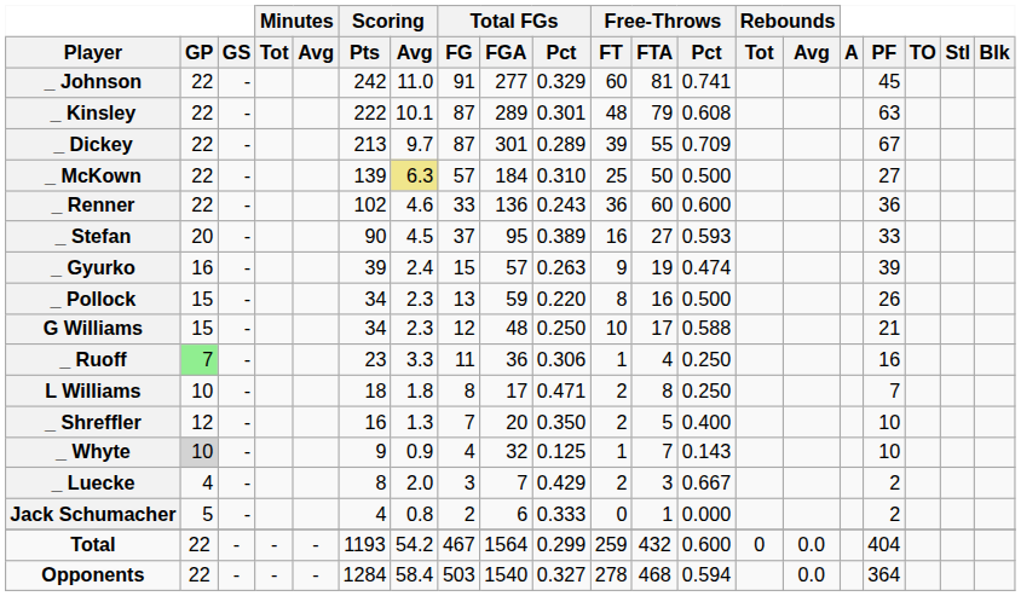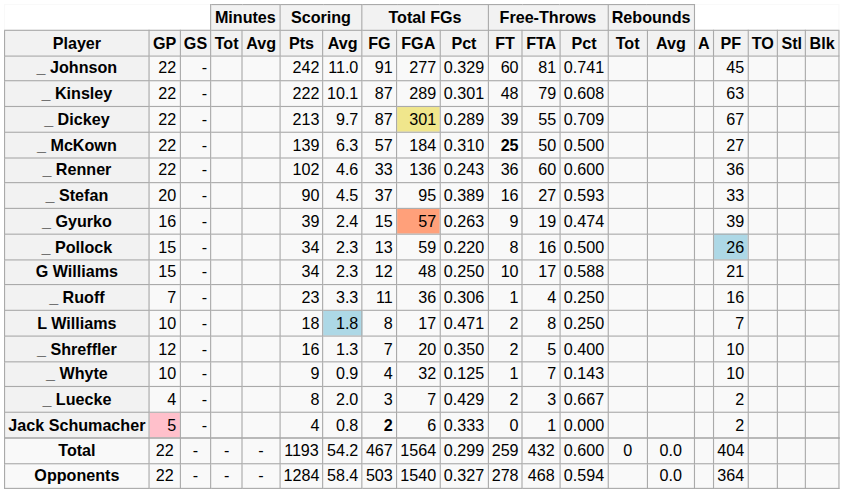 <table class="wikitable sortable" border="1" style="font-size:90%;">
 <tr>
 <th colspan="3" style="border-top-style:hidden; border-left-style:hidden; background: white;"></th>
 <th colspan="2" style=>Minutes</th>
 <th colspan="2" style=>Scoring</th>
 <th colspan="3" style=>Total FGs</th>
 <th colspan="3" style=>Free-Throws</th>
 <th colspan="2" style=>Rebounds</th>
 <th colspan="5" style="border-top-style:hidden; border-right-style:hidden; background: white;"></th>
 </tr>
 <tr>
 <th scope="col" style=>Player</th>
 <th scope="col" style=>GP</th>
 <th scope="col" style=>GS</th>
 <th scope="col" style=>Tot</th>
 <th scope="col" style=>Avg</th>
 <th scope="col" style=>Pts</th>
 <th scope="col" style=>Avg</th>
 <th scope="col" style=>FG</th>
 <th scope="col" style=>FGA</th>
 <th scope="col" style=>Pct</th>
 <th scope="col" style=>FT</th>
 <th scope="col" style=>FTA</th>
 <th scope="col" style=>Pct</th>
 <th scope="col" style=>Tot</th>
 <th scope="col" style=>Avg</th>
 <th scope="col" style=>A</th>
 <th scope="col" style=>PF</th>
 <th scope="col" style=>TO</th>
 <th scope="col" style=>Stl</th>
 <th scope="col" style=>Blk</th>
 </tr>
 <tr>
 <th>_ Johnson</th>
 <td align="right">22</td>
 <td align="right">-</td>
 <td align="right"></td>
 <td align="right"></td>
 <td align="right">242</td>
 <td align="right">11.0</td>
 <td align="right">91</td>
 <td align="right">277</td>
 <td align="right">0.329</td>
 <td align="right">60</td>
 <td align="right">81</td>
 <td align="right">0.741</td>
 <td align="right"></td>
 <td align="right"></td>
 <td align="right"></td>
 <td align="right">45</td>
 <td align="right"></td>
 <td align="right"></td>
 <td align="right"></td>
 </tr>
 <tr>
 <th>_ Kinsley</th>
 <td align="right">22</td>
 <td align="right">-</td>
 <td align="right"></td>
 <td align="right"></td>
 <td align="right">222</td>
 <td align="right">10.1</td>
 <td align="right">87</td>
 <td align="right">289</td>
 <td align="right">0.301</td>
 <td align="right">48</td>
 <td align="right">79</td>
 <td align="right">0.608</td>
 <td align="right"></td>
 <td align="right"></td>
 <td align="right"></td>
 <td align="right">63</td>
 <td align="right"></td>
 <td align="right"></td>
 <td align="right"></td>
 </tr>
 <tr>
 <th>_ Dickey</th>
 <td align="right">22</td>
 <td align="right">-</td>
 <td align="right"></td>
 <td align="right"></td>
 <td align="right">213</td>
 <td align="right">9.7</td>
 <td align="right">87</td>
-<td align="right">301</td>
+<td align="right" style="background: khaki;">301</td>
 <td align="right">0.289</td>
 <td align="right">39</td>
 <td align="right">55</td>
 <td align="right">0.709</td>
 <td align="right"></td>
 <td align="right"></td>
 <td align="right"></td>
 <td align="right">67</td>
 <td align="right"></td>
 <td align="right"></td>
 <td align="right"></td>
 </tr>
 <tr>
 <th>_ McKown</th>
 <td align="right">22</td>
 <td align="right">-</td>
 <td align="right"></td>
 <td align="right"></td>
 <td align="right">139</td>
-<td align="right" style="background: khaki;">6.3</td>
+<td align="right">6.3</td>
 <td align="right">57</td>
 <td align="right">184</td>
 <td align="right">0.310</td>
-<td align="right">25</td>
+<td align="right"><strong>25</strong></td>
 <td align="right">50</td>
 <td align="right">0.500</td>
 <td align="right"></td>
 <td align="right"></td>
 <td align="right"></td>
 <td align="right">27</td>
 <td align="right"></td>
 <td align="right"></td>
 <td align="right"></td>
 </tr>
 <tr>
 <th>_ Renner</th>
 <td align="right">22</td>
 <td align="right">-</td>
 <td align="right"></td>
 <td align="right"></td>
 <td align="right">102</td>
 <td align="right">4.6</td>
 <td align="right">33</td>
 <td align="right">136</td>
 <td align="right">0.243</td>
 <td align="right">36</td>
 <td align="right">60</td>
 <td align="right">0.600</td>
 <td align="right"></td>
 <td align="right"></td>
 <td align="right"></td>
 <td align="right">36</td>
 <td align="right"></td>
 <td align="right"></td>
 <td align="right"></td>
 </tr>
 <tr>
 <th>_ Stefan</th>
 <td align="right">20</td>
 <td align="right">-</td>
 <td align="right"></td>
 <td align="right"></td>
 <td align="right">90</td>
 <td align="right">4.5</td>
 <td align="right">37</td>
 <td align="right">95</td>
 <td align="right">0.389</td>
 <td align="right">16</td>
 <td align="right">27</td>
 <td align="right">0.593</td>
 <td align="right"></td>
 <td align="right"></td>
 <td align="right"></td>
 <td align="right">33</td>
 <td align="right"></td>
 <td align="right"></td>
 <td align="right"></td>
 </tr>
 <tr>
 <th>_ Gyurko</th>
 <td align="right">16</td>
 <td align="right">-</td>
 <td align="right"></td>
 <td align="right"></td>
 <td align="right">39</td>
 <td align="right">2.4</td>
 <td align="right">15</td>
-<td align="right">57</td>
+<td align="right" style="background: lightsalmon;">57</td>
 <td align="right">0.263</td>
 <td align="right">9</td>
 <td align="right">19</td>
 <td align="right">0.474</td>
 <td align="right"></td>
 <td align="right"></td>
 <td align="right"></td>
 <td align="right">39</td>
 <td align="right"></td>
 <td align="right"></td>
 <td align="right"></td>
 </tr>
 <tr>
 <th>_ Pollock</th>
 <td align="right">15</td>
 <td align="right">-</td>
 <td align="right"></td>
 <td align="right"></td>
 <td align="right">34</td>
 <td align="right">2.3</td>
 <td align="right">13</td>
 <td align="right">59</td>
 <td align="right">0.220</td>
 <td align="right">8</td>
 <td align="right">16</td>
 <td align="right">0.500</td>
 <td align="right"></td>
 <td align="right"></td>
 <td align="right"></td>
-<td align="right">26</td>
+<td align="right" style="background: lightblue;">26</td>
 <td align="right"></td>
 <td align="right"></td>
 <td align="right"></td>
 </tr>
 <tr>
 <th>G Williams</th>
 <td align="right">15</td>
 <td align="right">-</td>
 <td align="right"></td>
 <td align="right"></td>
 <td align="right">34</td>
 <td align="right">2.3</td>
 <td align="right">12</td>
 <td align="right">48</td>
 <td align="right">0.250</td>
 <td align="right">10</td>
 <td align="right">17</td>
 <td align="right">0.588</td>
 <td align="right"></td>
 <td align="right"></td>
 <td align="right"></td>
 <td align="right">21</td>
 <td align="right"></td>
 <td align="right"></td>
 <td align="right"></td>
 </tr>
 <tr>
 <th>_ Ruoff</th>
-<td align="right" style="background: lightgreen;">7</td>
+<td align="right">7</td>
 <td align="right">-</td>
 <td align="right"></td>
 <td align="right"></td>
 <td align="right">23</td>
 <td align="right">3.3</td>
 <td align="right">11</td>
 <td align="right">36</td>
 <td align="right">0.306</td>
 <td align="right">1</td>
 <td align="right">4</td>
 <td align="right">0.250</td>
 <td align="right"></td>
 <td align="right"></td>
 <td align="right"></td>
 <td align="right">16</td>
 <td align="right"></td>
 <td align="right"></td>
 <td align="right"></td>
 </tr>
 <tr>
 <th>L Williams</th>
 <td align="right">10</td>
 <td align="right">-</td>
 <td align="right"></td>
 <td align="right"></td>
 <td align="right">18</td>
-<td align="right">1.8</td>
+<td align="right" style="background: lightblue;">1.8</td>
 <td align="right">8</td>
 <td align="right">17</td>
 <td align="right">0.471</td>
 <td align="right">2</td>
 <td align="right">8</td>
 <td align="right">0.250</td>
 <td align="right"></td>
 <td align="right"></td>
 <td align="right"></td>
 <td align="right">7</td>
 <td align="right"></td>
 <td align="right"></td>
 <td align="right"></td>
 </tr>
 <tr>
 <th>_ Shreffler</th>
 <td align="right">12</td>
 <td align="right">-</td>
 <td align="right"></td>
 <td align="right"></td>
 <td align="right">16</td>
 <td align="right">1.3</td>
 <td align="right">7</td>
 <td align="right">20</td>
 <td align="right">0.350</td>
 <td align="right">2</td>
 <td align="right">5</td>
 <td align="right">0.400</td>
 <td align="right"></td>
 <td align="right"></td>
 <td align="right"></td>
 <td align="right">10</td>
 <td align="right"></td>
 <td align="right"></td>
 <td align="right"></td>
 </tr>
 <tr>
 <th>_ Whyte</th>
-<td align="right" style="background: lightgrey;">10</td>
+<td align="right">10</td>
 <td align="right">-</td>
 <td align="right"></td>
 <td align="right"></td>
 <td align="right">9</td>
 <td align="right">0.9</td>
 <td align="right">4</td>
 <td align="right">32</td>
 <td align="right">0.125</td>
 <td align="right">1</td>
 <td align="right">7</td>
 <td align="right">0.143</td>
 <td align="right"></td>
 <td align="right"></td>
 <td align="right"></td>
 <td align="right">10</td>
 <td align="right"></td>
 <td align="right"></td>
 <td align="right"></td>
 </tr>
 <tr>
 <th>_ Luecke</th>
 <td align="right">4</td>
 <td align="right">-</td>
 <td align="right"></td>
 <td align="right"></td>
 <td align="right">8</td>
 <td align="right">2.0</td>
 <td align="right">3</td>
 <td align="right">7</td>
 <td align="right">0.429</td>
 <td align="right">2</td>
 <td align="right">3</td>
 <td align="right">0.667</td>
 <td align="right"></td>
 <td align="right"></td>
 <td align="right"></td>
 <td align="right">2</td>
 <td align="right"></td>
 <td align="right"></td>
 <td align="right"></td>
 </tr>
 <tr>
 <th>Jack Schumacher</th>
-<td align="right">5</td>
+<td align="right" style="background: pink;">5</td>
 <td align="right">-</td>
 <td align="right"></td>
 <td align="right"></td>
 <td align="right">4</td>
 <td align="right">0.8</td>
-<td align="right">2</td>
+<td align="right"><strong>2</strong></td>
 <td align="right">6</td>
 <td align="right">0.333</td>
 <td align="right">0</td>
 <td align="right">1</td>
 <td align="right">0.000</td>
 <td align="right"></td>
 <td align="right"></td>
 <td align="right"></td>
 <td align="right">2</td>
 <td align="right"></td>
 <td align="right"></td>
 <td align="right"></td>
 </tr>
 <tr>
 </tr>
 <tr class="sortbottom">
 <td align="center" style=><strong>Total</strong></td>
 <td align="center" style=>22</td>
 <td align="center" style=>-</td>
 <td align="center" style=>-</td>
 <td align="center" style=>-</td>
 <td align="center" style=>1193</td>
 <td align="center" style=>54.2</td>
 <td align="center" style=>467</td>
 <td align="center" style=>1564</td>
 <td align="center" style=>0.299</td>
 <td align="center" style=>259</td>
 <td align="center" style=>432</td>
 <td align="center" style=>0.600</td>
 <td align="center" style=>0</td>
 <td align="center" style=>0.0</td>
 <td align="center" style=></td>
 <td align="center" style=>404</td>
 <td align="center" style=></td>
 <td align="center" style=></td>
 <td align="center" style=></td>
 </tr>
 <tr class="sortbottom">
 <td align="center"><strong>Opponents</strong></td>
 <td align="center">22</td>
 <td align="center">-</td>
 <td align="center">-</td>
 <td align="center">-</td>
 <td align="center">1284</td>
 <td align="center">58.4</td>
 <td align="center">503</td>
 <td align="center">1540</td>
 <td align="center">0.327</td>
 <td align="center">278</td>
 <td align="center">468</td>
 <td align="center">0.594</td>
 <td align="center"></td>
 <td align="center">0.0</td>
 <td align="center"></td>
 <td align="center">364</td>
 <td align="center"></td>
 <td align="center"></td>
 <td align="center"></td>
 </tr>
 </table>
